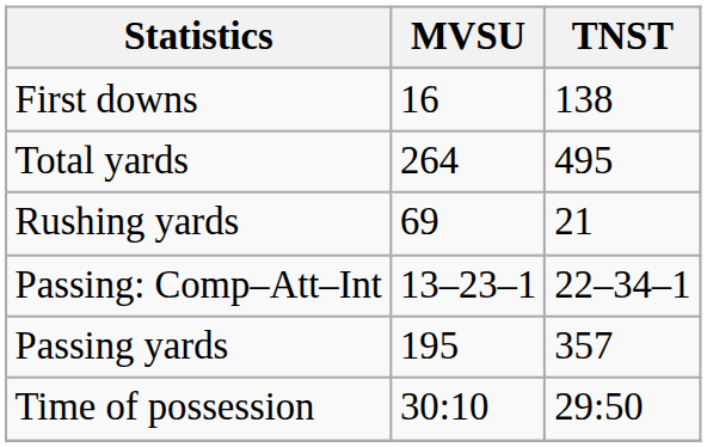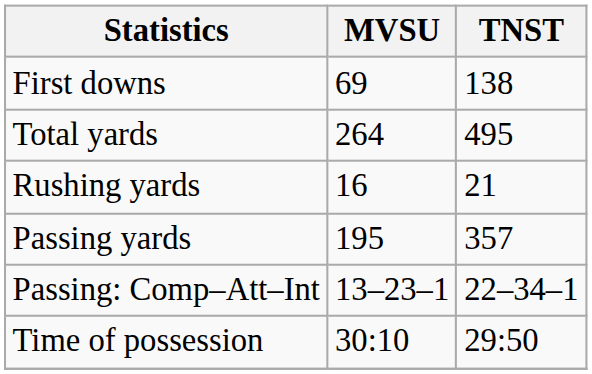 <table class="wikitable" style="float: left;">
 <tr>
 <th>Statistics</th>
 <th>MVSU</th>
 <th>TNST</th>
 </tr>
 <tr>
 <td>First downs</td>
-<td>16</td>
+<td>69</td>
 <td>138</td>
 </tr>
 <tr>
 <td>Total yards</td>
 <td>264</td>
 <td>495</td>
 </tr>
 <tr>
 <td>Rushing yards</td>
-<td>69</td>
+<td>16</td>
 <td>21</td>
+</tr>
+<tr>
+<td>Passing yards</td>
+<td>195</td>
+<td>357</td>
 </tr>
 <tr>
 <td>Passing: Comp–Att–Int</td>
 <td>13–23–1</td>
 <td>22–34–1</td>
-</tr>
-<tr>
-<td>Passing yards</td>
-<td>195</td>
-<td>357</td>
 </tr>
 <tr>
 <td>Time of possession</td>
 <td>30:10</td>
 <td>29:50</td>
 </tr>
 <tr>
 </tr>
 </table>
